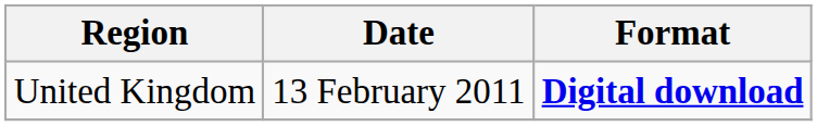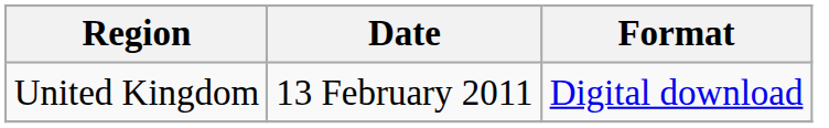 <table class=wikitable>
 <tr>
 <th>Region</th>
 <th>Date</th>
 <th>Format</th>
 </tr>
 <tr>
 <td>United Kingdom</td>
 <td>13 February 2011</td>
-<td><strong><a href='#'>Digital download</a></strong></td>
+<td><a href='#'>Digital download</a></td>
 </tr>
 <tr>
 </tr>
 </table>
